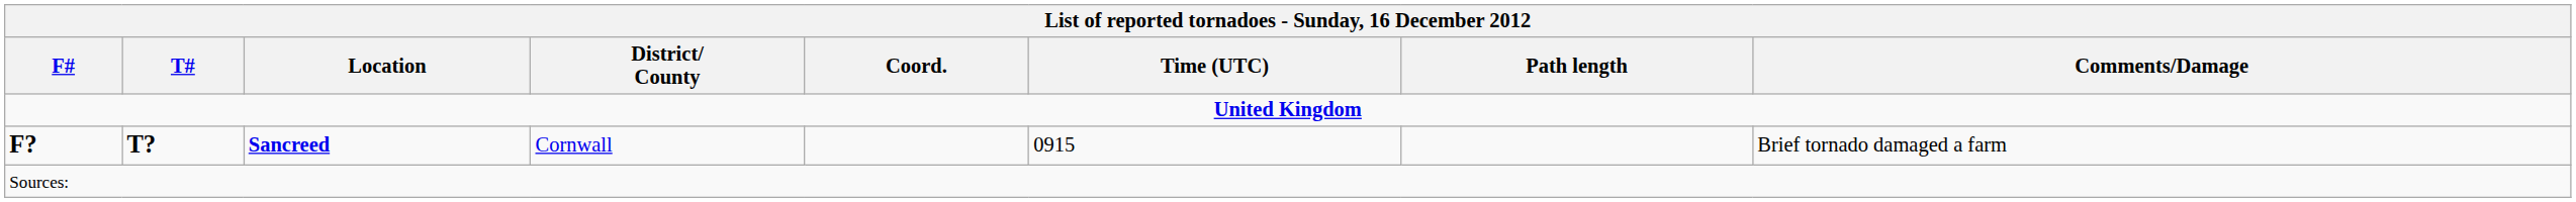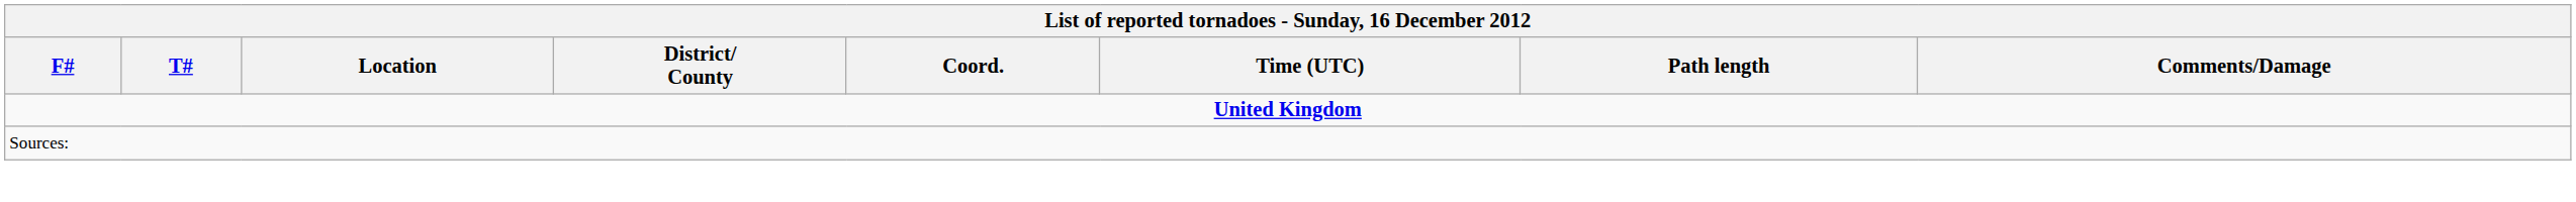 <table class="wikitable collapsible" width="100%">
 <tr>
 <th colspan="8">List of reported tornadoes - Sunday, 16 December 2012</th>
 </tr>
 <tr>
 <th><a href='#'>F#</a></th>
 <th><a href='#'>T#</a></th>
 <th>Location</th>
 <th>District/<br>County</th>
 <th>Coord.</th>
 <th>Time (UTC)</th>
 <th>Path length</th>
 <th>Comments/Damage</th>
 </tr>
 <tr>
 <td colspan="8" align=center><strong><a href='#'>United Kingdom</a></strong></td>
 </tr>
 <tr>
-<td><big><strong>F?</strong></big></td>
-<td><big><strong>T?</strong></big></td>
-<td><strong><a href='#'>Sancreed</a></strong></td>
-<td><a href='#'>Cornwall</a></td>
-<td></td>
-<td>0915</td>
-<td></td>
-<td>Brief tornado damaged a farm</td>
-</tr>
-<tr>
 <td colspan="8"><small>Sources:  </small></td>
 </tr>
 </table>
